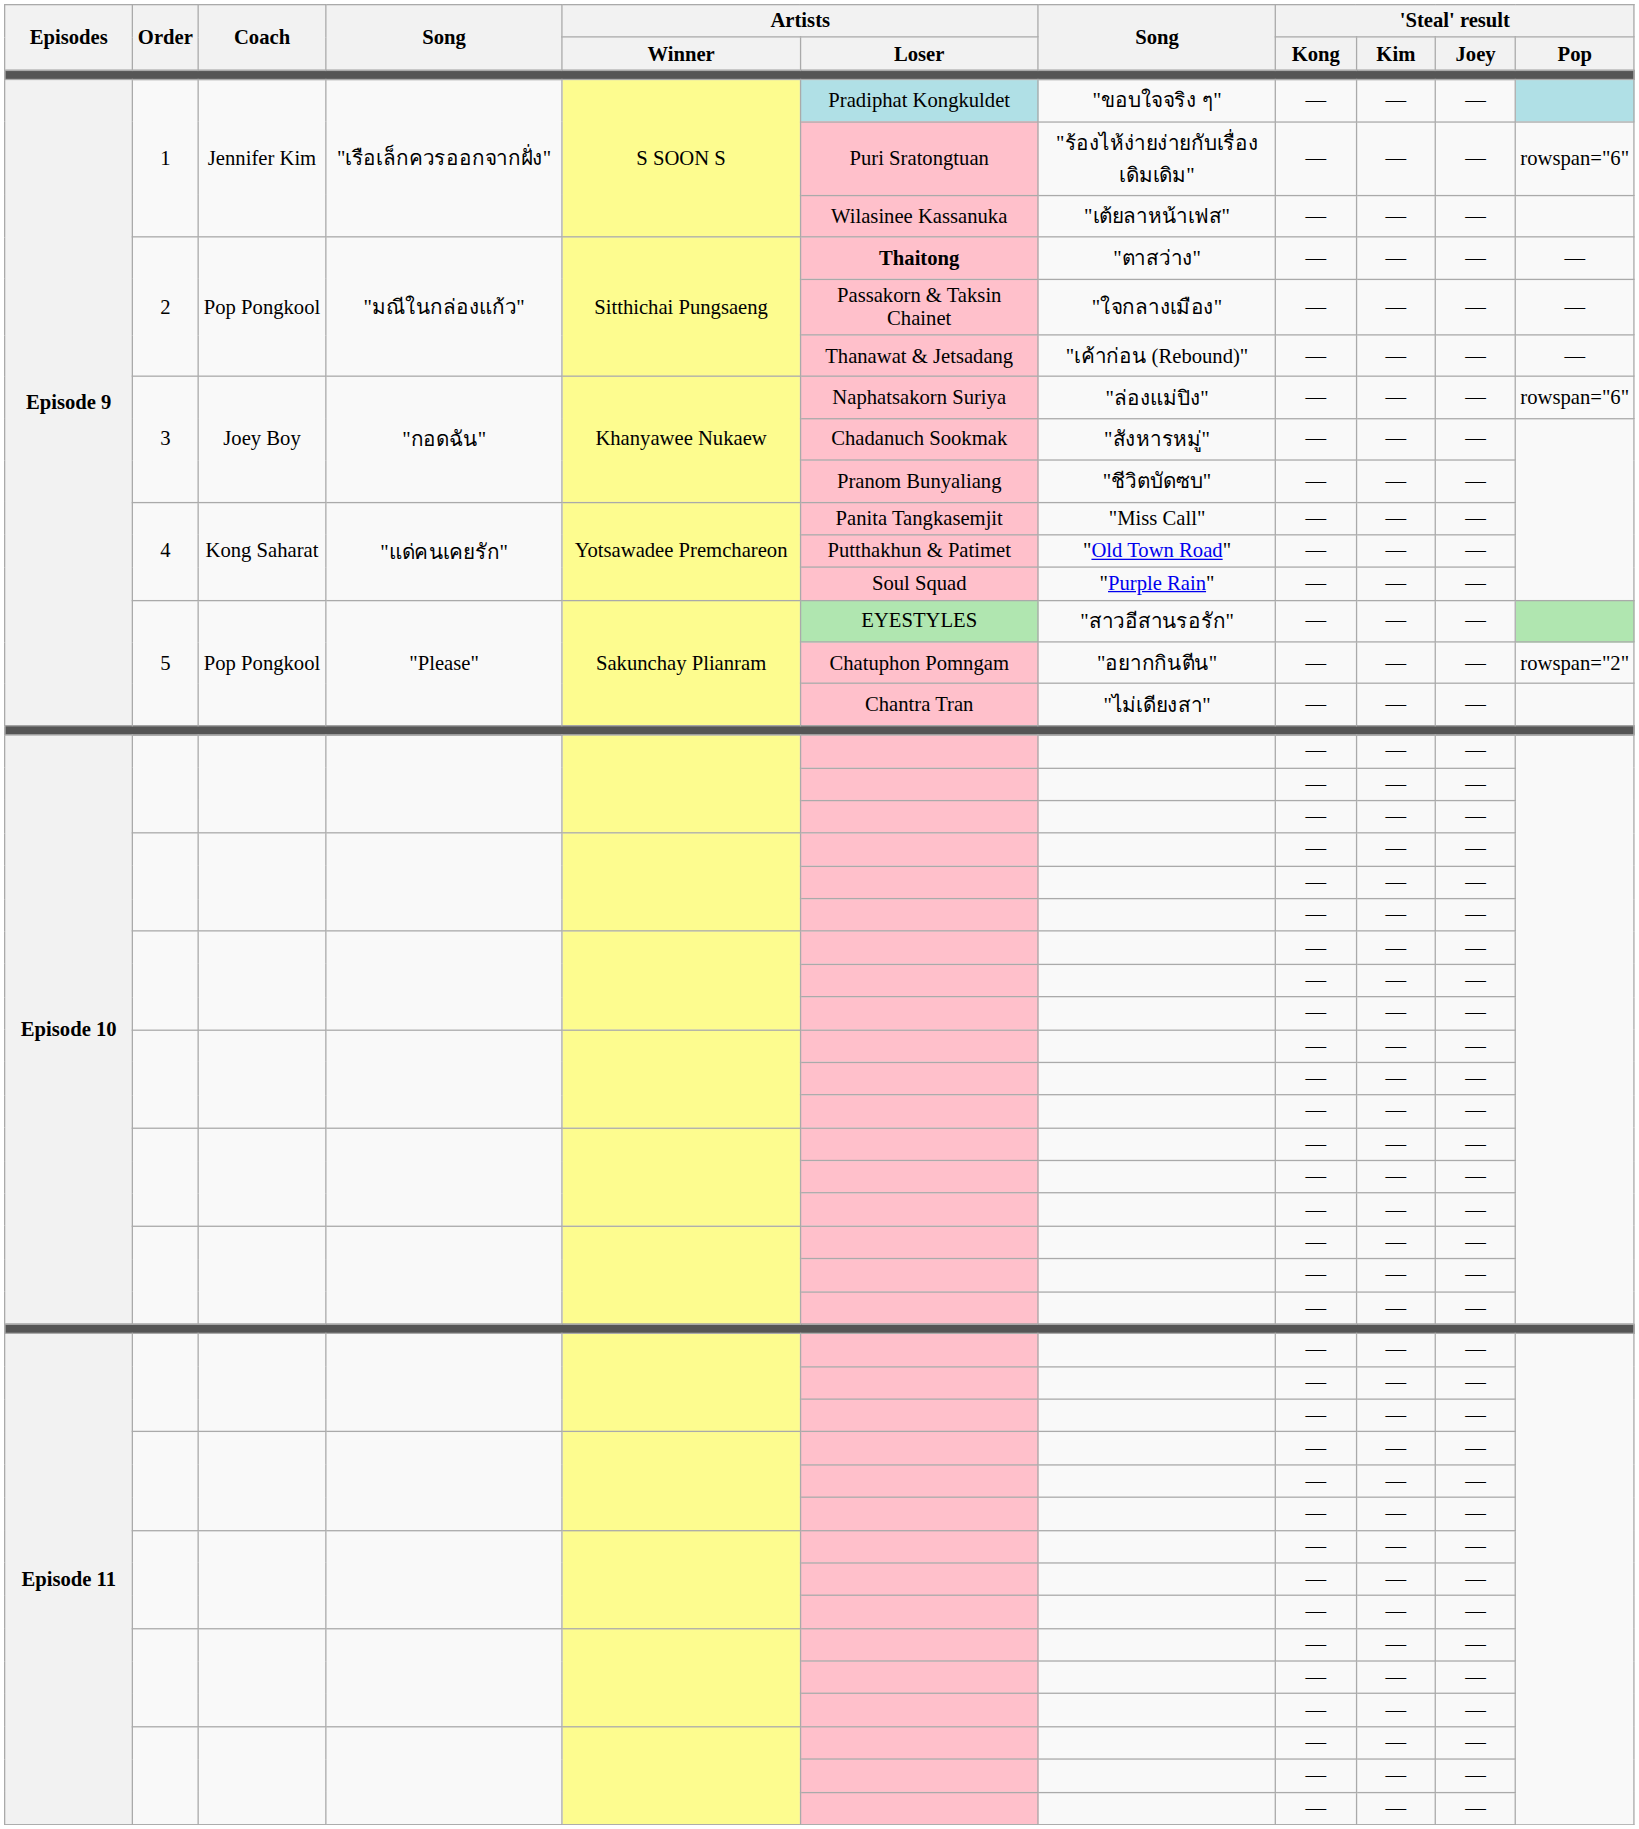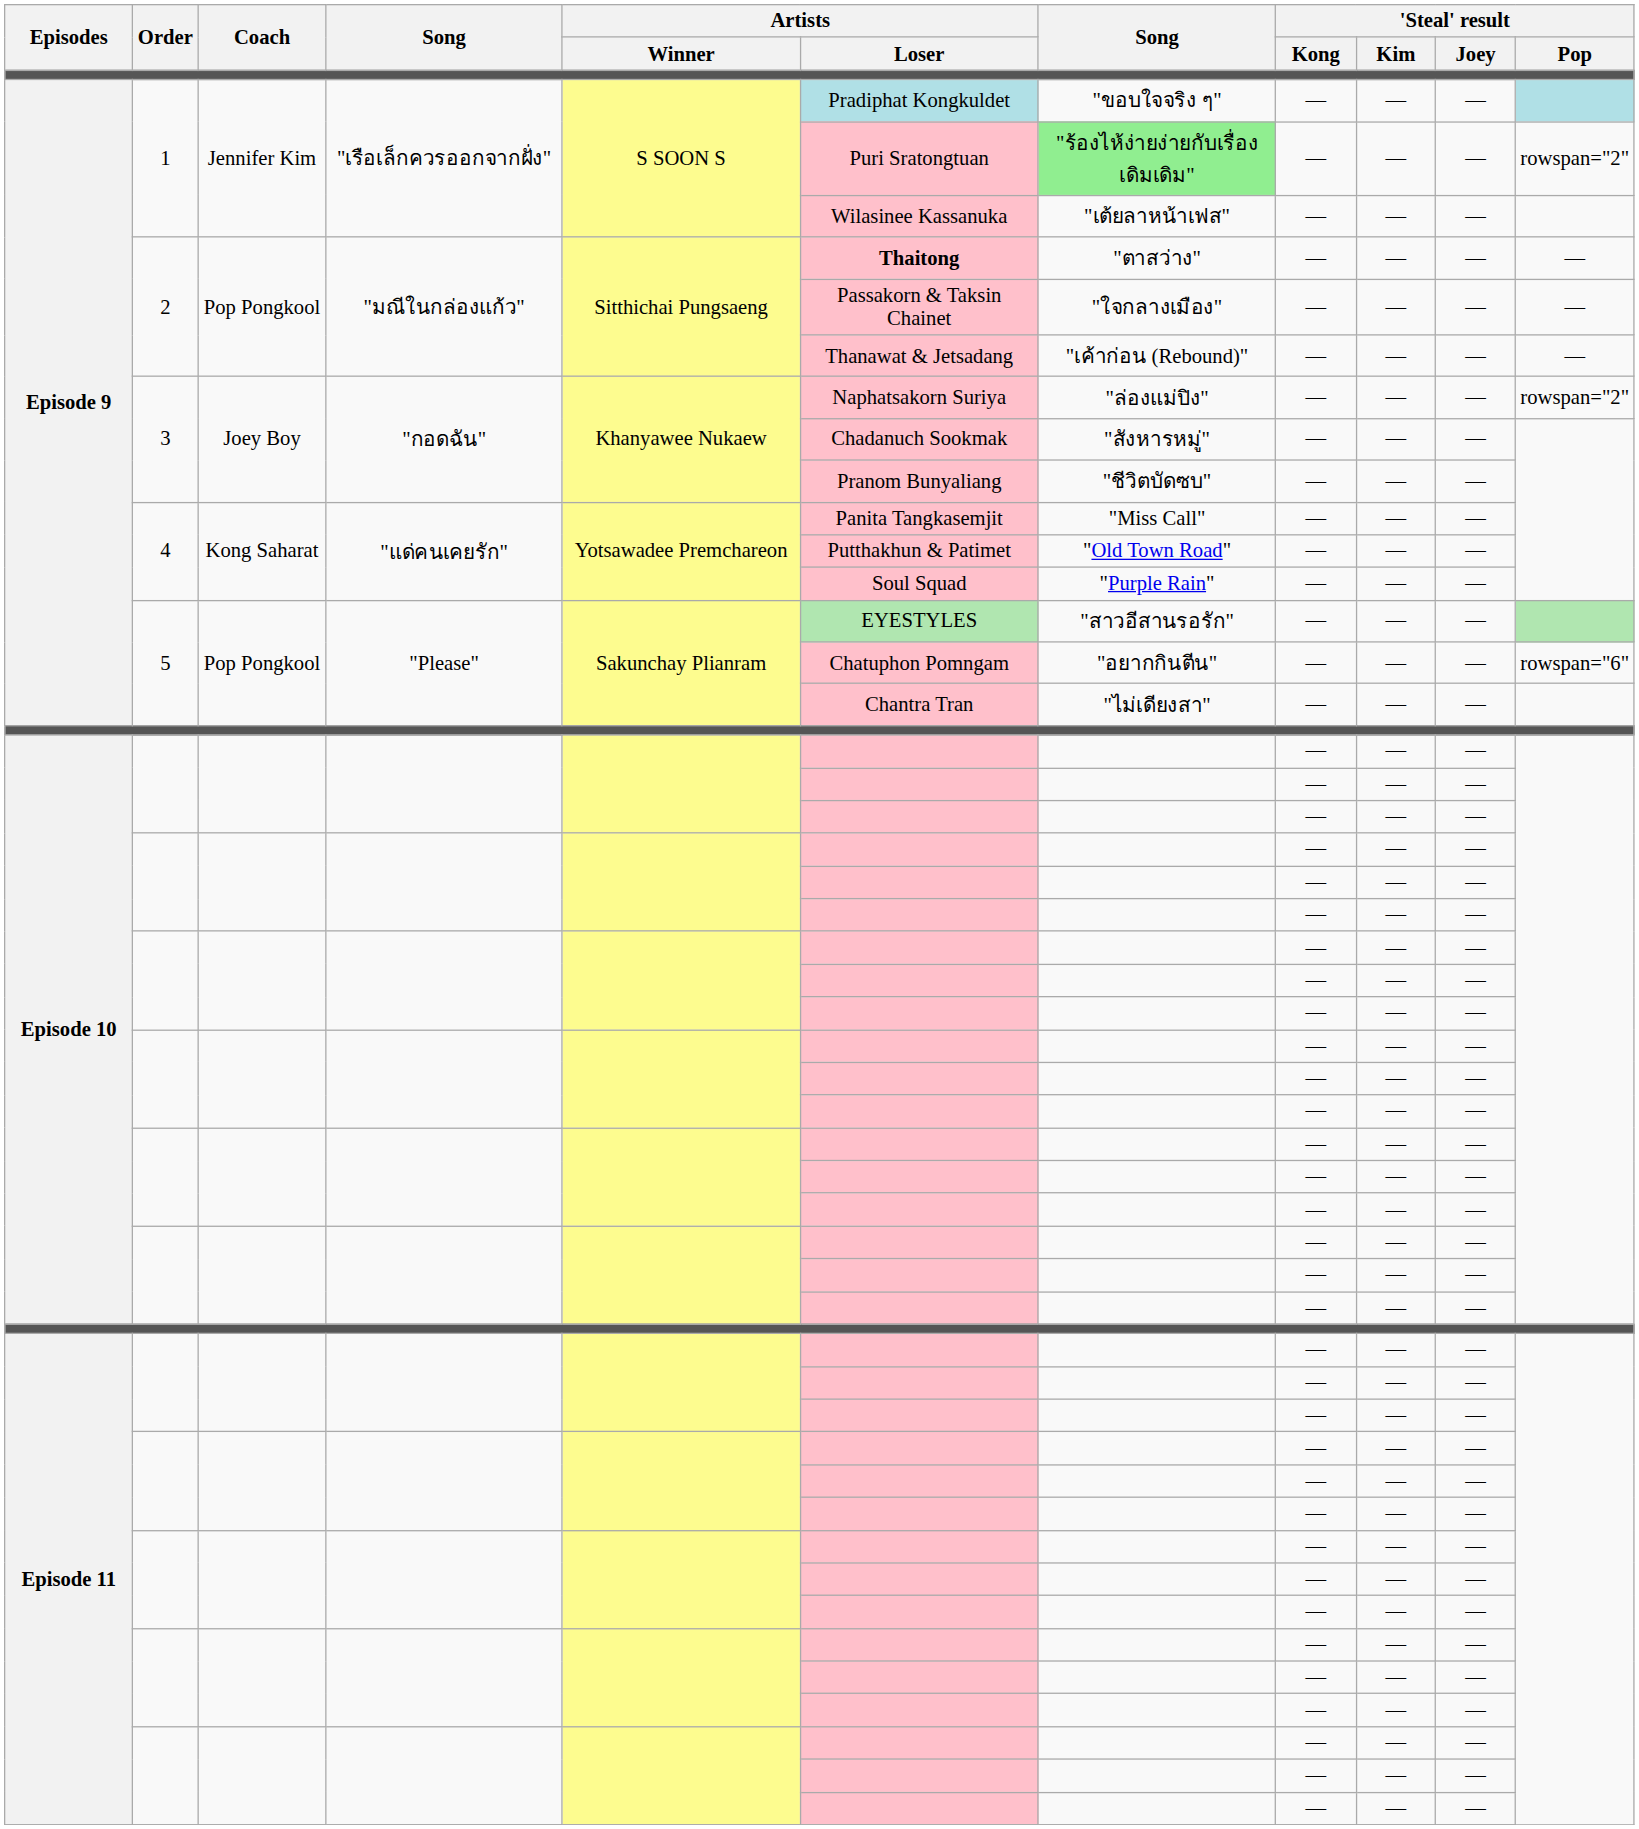 <table class="wikitable" style="text-align: center; width:100%;">
 <tr>
 <th rowspan="2" style="width:08%;">Episodes</th>
 <th rowspan="2" style="width:04%;">Order</th>
 <th rowspan="2" style="width:08%;">Coach</th>
 <th rowspan="2" style="width:15%;">Song</th>
 <th colspan="2" style="width:30%;">Artists</th>
 <th rowspan="2" style="width:15%;">Song</th>
 <th colspan="4" style="width:20%;">'Steal' result</th>
 </tr>
 <tr>
 <th style="width:15%;">Winner</th>
 <th style="width:15%;">Loser</th>
 <th style="width:05%;">Kong</th>
 <th style="width:05%;">Kim</th>
 <th style="width:05%;">Joey</th>
 <th style="width:05%;">Pop</th>
 </tr>
 <tr>
 <td colspan="11" style="background:#555"></td>
 </tr>
 <tr>
 <th rowspan="15"><strong>Episode 9</strong> <br><small></small></th>
 <td rowspan="3">1</td>
 <td rowspan="3">Jennifer Kim</td>
 <td rowspan="3">"เรือเล็กควรออกจากฝั่ง"</td>
 <td rowspan="3" style="background:#FDFC8F;">S SOON S</td>
 <td style="background:#b0e0e6;">Pradiphat Kongkuldet</td>
 <td>"ขอบใจจริง ๆ"</td>
 <td>—</td>
 <td>—</td>
 <td>—</td>
 <td style="background:#b0e0e6;"></td>
 </tr>
 <tr>
 <td style="background:pink;">Puri Sratongtuan</td>
-<td>"ร้องไห้ง่ายง่ายกับเรื่องเดิมเดิม"</td>
+<td style="background: lightgreen;">"ร้องไห้ง่ายง่ายกับเรื่องเดิมเดิม"</td>
 <td>—</td>
 <td>—</td>
 <td>—</td>
-<td>rowspan="6" </td>
+<td>rowspan="2" </td>
 </tr>
 <tr>
 <td style="background:pink;">Wilasinee Kassanuka</td>
 <td>"เต้ยลาหน้าเฟส"</td>
 <td>—</td>
 <td>—</td>
 <td>—</td>
 </tr>
 <tr>
 <td rowspan="3">2</td>
 <td rowspan="3">Pop Pongkool</td>
 <td rowspan="3">"มณีในกล่องแก้ว"</td>
 <td rowspan="3" style="background:#FDFC8F;">Sitthichai Pungsaeng</td>
 <td style="background:pink;"><strong>Thaitong</strong></td>
 <td>"ตาสว่าง"</td>
 <td>—</td>
 <td>—</td>
 <td>—</td>
 <td>—</td>
 </tr>
 <tr>
 <td style="background:pink;">Passakorn & Taksin Chainet</td>
 <td>"ใจกลางเมือง"</td>
 <td>—</td>
 <td>—</td>
 <td>—</td>
 <td>—</td>
 </tr>
 <tr>
 <td style="background:pink;">Thanawat & Jetsadang</td>
 <td>"เค้าก่อน (Rebound)"</td>
 <td>—</td>
 <td>—</td>
 <td>—</td>
 <td>—</td>
 </tr>
 <tr>
 <td rowspan="3">3</td>
 <td rowspan="3">Joey Boy</td>
 <td rowspan="3">"กอดฉัน"</td>
 <td rowspan="3" style="background:#FDFC8F;">Khanyawee Nukaew</td>
 <td style="background:pink;">Naphatsakorn Suriya</td>
 <td>"ล่องแม่ปิง"</td>
 <td>—</td>
 <td>—</td>
 <td>—</td>
-<td>rowspan="6" </td>
+<td>rowspan="2" </td>
 </tr>
 <tr>
 <td style="background:pink;">Chadanuch Sookmak</td>
 <td>"สังหารหมู่"</td>
 <td>—</td>
 <td>—</td>
 <td>—</td>
 </tr>
 <tr>
 <td style="background:pink;">Pranom Bunyaliang</td>
 <td>"ชีวิตบัดซบ"</td>
 <td>—</td>
 <td>—</td>
 <td>—</td>
 </tr>
 <tr>
 <td rowspan="3">4</td>
 <td rowspan="3">Kong Saharat</td>
 <td rowspan="3">"แด่คนเคยรัก"</td>
 <td rowspan="3" style="background:#FDFC8F;">Yotsawadee Premchareon</td>
 <td style="background:pink;">Panita Tangkasemjit</td>
 <td>"Miss Call"</td>
 <td>—</td>
 <td>—</td>
 <td>—</td>
 </tr>
 <tr>
 <td style="background:pink;">Putthakhun & Patimet</td>
 <td>"<a href='#'>Old Town Road</a>"</td>
 <td>—</td>
 <td>—</td>
 <td>—</td>
 </tr>
 <tr>
 <td style="background:pink;">Soul Squad</td>
 <td>"<a href='#'>Purple Rain</a>"</td>
 <td>—</td>
 <td>—</td>
 <td>—</td>
 </tr>
 <tr>
 <td rowspan="3">5</td>
 <td rowspan="3">Pop Pongkool</td>
 <td rowspan="3">"Please"</td>
 <td rowspan="3" style="background:#FDFC8F;">Sakunchay Plianram</td>
 <td style="background:#b0e6b0;">EYESTYLES</td>
 <td>"สาวอีสานรอรัก"</td>
 <td>—</td>
 <td>—</td>
 <td>—</td>
 <td style="background:#b0e6b0;"></td>
 </tr>
 <tr>
 <td style="background:pink;">Chatuphon Pomngam</td>
 <td>"อยากกินตีน"</td>
 <td>—</td>
 <td>—</td>
 <td>—</td>
-<td>rowspan="2" </td>
+<td>rowspan="6" </td>
 </tr>
 <tr>
 <td style="background:pink;">Chantra Tran</td>
 <td>"ไม่เดียงสา"</td>
 <td>—</td>
 <td>—</td>
 <td>—</td>
 </tr>
 <tr>
 <td colspan="11" style="background:#555"></td>
 </tr>
 <tr>
 <th rowspan="18"><strong>Episode 10</strong> <br><small></small></th>
 <td rowspan="3"></td>
 <td rowspan="3"></td>
 <td rowspan="3"></td>
 <td rowspan="3" style="background:#FDFC8F;"></td>
 <td style="background:pink;"></td>
 <td></td>
 <td>—</td>
 <td>—</td>
 <td>—</td>
 </tr>
 <tr>
 <td style="background:pink;"></td>
 <td></td>
 <td>—</td>
 <td>—</td>
 <td>—</td>
 </tr>
 <tr>
 <td style="background:pink;"></td>
 <td></td>
 <td>—</td>
 <td>—</td>
 <td>—</td>
 </tr>
 <tr>
 <td rowspan="3"></td>
 <td rowspan="3"></td>
 <td rowspan="3"></td>
 <td rowspan="3" style="background:#FDFC8F;"></td>
 <td style="background:pink;"></td>
 <td></td>
 <td>—</td>
 <td>—</td>
 <td>—</td>
 </tr>
 <tr>
 <td style="background:pink;"></td>
 <td></td>
 <td>—</td>
 <td>—</td>
 <td>—</td>
 </tr>
 <tr>
 <td style="background:pink;"></td>
 <td></td>
 <td>—</td>
 <td>—</td>
 <td>—</td>
 </tr>
 <tr>
 <td rowspan="3"></td>
 <td rowspan="3"></td>
 <td rowspan="3"></td>
 <td rowspan="3" style="background:#FDFC8F;"></td>
 <td style="background:pink;"></td>
 <td></td>
 <td>—</td>
 <td>—</td>
 <td>—</td>
 </tr>
 <tr>
 <td style="background:pink;"></td>
 <td></td>
 <td>—</td>
 <td>—</td>
 <td>—</td>
 </tr>
 <tr>
 <td style="background:pink;"></td>
 <td></td>
 <td>—</td>
 <td>—</td>
 <td>—</td>
 </tr>
 <tr>
 <td rowspan="3"></td>
 <td rowspan="3"></td>
 <td rowspan="3"></td>
 <td rowspan="3" style="background:#FDFC8F;"></td>
 <td style="background:pink;"></td>
 <td></td>
 <td>—</td>
 <td>—</td>
 <td>—</td>
 </tr>
 <tr>
 <td style="background:pink;"></td>
 <td></td>
 <td>—</td>
 <td>—</td>
 <td>—</td>
 </tr>
 <tr>
 <td style="background:pink;"></td>
 <td></td>
 <td>—</td>
 <td>—</td>
 <td>—</td>
 </tr>
 <tr>
 <td rowspan="3"></td>
 <td rowspan="3"></td>
 <td rowspan="3"></td>
 <td rowspan="3" style="background:#FDFC8F;"></td>
 <td style="background:pink;"></td>
 <td></td>
 <td>—</td>
 <td>—</td>
 <td>—</td>
 </tr>
 <tr>
 <td style="background:pink;"></td>
 <td></td>
 <td>—</td>
 <td>—</td>
 <td>—</td>
 </tr>
 <tr>
 <td style="background:pink;"></td>
 <td></td>
 <td>—</td>
 <td>—</td>
 <td>—</td>
 </tr>
 <tr>
 <td rowspan="3"></td>
 <td rowspan="3"></td>
 <td rowspan="3"></td>
 <td rowspan="3" style="background:#FDFC8F;"></td>
 <td style="background:pink;"></td>
 <td></td>
 <td>—</td>
 <td>—</td>
 <td>—</td>
 </tr>
 <tr>
 <td style="background:pink;"></td>
 <td></td>
 <td>—</td>
 <td>—</td>
 <td>—</td>
 </tr>
 <tr>
 <td style="background:pink;"></td>
 <td></td>
 <td>—</td>
 <td>—</td>
 <td>—</td>
 </tr>
 <tr>
 <td colspan="11" style="background:#555"></td>
 </tr>
 <tr>
 <th rowspan="15"><strong>Episode 11</strong> <br><small></small></th>
 <td rowspan="3"></td>
 <td rowspan="3"></td>
 <td rowspan="3"></td>
 <td rowspan="3" style="background:#FDFC8F;"></td>
 <td style="background:pink;"></td>
 <td></td>
 <td>—</td>
 <td>—</td>
 <td>—</td>
 </tr>
 <tr>
 <td style="background:pink;"></td>
 <td></td>
 <td>—</td>
 <td>—</td>
 <td>—</td>
 </tr>
 <tr>
 <td style="background:pink;"></td>
 <td></td>
 <td>—</td>
 <td>—</td>
 <td>—</td>
 </tr>
 <tr>
 <td rowspan="3"></td>
 <td rowspan="3"></td>
 <td rowspan="3"></td>
 <td rowspan="3" style="background:#FDFC8F;"></td>
 <td style="background:pink;"></td>
 <td></td>
 <td>—</td>
 <td>—</td>
 <td>—</td>
 </tr>
 <tr>
 <td style="background:pink;"></td>
 <td></td>
 <td>—</td>
 <td>—</td>
 <td>—</td>
 </tr>
 <tr>
 <td style="background:pink;"></td>
 <td></td>
 <td>—</td>
 <td>—</td>
 <td>—</td>
 </tr>
 <tr>
 <td rowspan="3"></td>
 <td rowspan="3"></td>
 <td rowspan="3"></td>
 <td rowspan="3" style="background:#FDFC8F;"></td>
 <td style="background:pink;"></td>
 <td></td>
 <td>—</td>
 <td>—</td>
 <td>—</td>
 </tr>
 <tr>
 <td style="background:pink;"></td>
 <td></td>
 <td>—</td>
 <td>—</td>
 <td>—</td>
 </tr>
 <tr>
 <td style="background:pink;"></td>
 <td></td>
 <td>—</td>
 <td>—</td>
 <td>—</td>
 </tr>
 <tr>
 <td rowspan="3"></td>
 <td rowspan="3"></td>
 <td rowspan="3"></td>
 <td rowspan="3" style="background:#FDFC8F;"></td>
 <td style="background:pink;"></td>
 <td></td>
 <td>—</td>
 <td>—</td>
 <td>—</td>
 </tr>
 <tr>
 <td style="background:pink;"></td>
 <td></td>
 <td>—</td>
 <td>—</td>
 <td>—</td>
 </tr>
 <tr>
 <td style="background:pink;"></td>
 <td></td>
 <td>—</td>
 <td>—</td>
 <td>—</td>
 </tr>
 <tr>
 <td rowspan="3"></td>
 <td rowspan="3"></td>
 <td rowspan="3"></td>
 <td rowspan="3" style="background:#FDFC8F;"></td>
 <td style="background:pink;"></td>
 <td></td>
 <td>—</td>
 <td>—</td>
 <td>—</td>
 </tr>
 <tr>
 <td style="background:pink;"></td>
 <td></td>
 <td>—</td>
 <td>—</td>
 <td>—</td>
 </tr>
 <tr>
 <td style="background:pink;"></td>
 <td></td>
 <td>—</td>
 <td>—</td>
 <td>—</td>
 </tr>
 <tr>
 </tr>
 </table>
